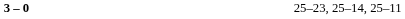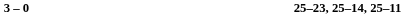 <table width=100% cellspacing=1>
 <tr>
 <th width=20%></th>
 <th width=12%></th>
 <th width=20%></th>
 <th width=33%></th>
 <td></td>
 </tr>
 <tr style=font-size:95%>
 <td align=right><strong></strong></td>
 <td align=center><strong>3 – 0</strong></td>
 <td></td>
-<td>25–23, 25–14, 25–11</td>
+<td><strong>25–23, 25–14, 25–11</strong></td>
 </tr>
 </table>
